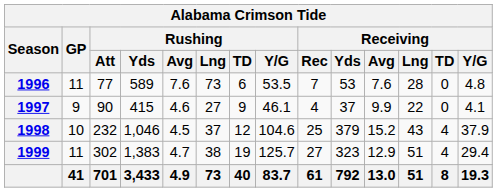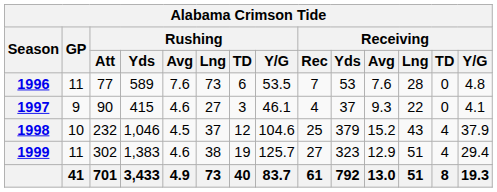 <table class="wikitable" style="text-align:center;">
 <tr>
 <th colspan="15">Alabama Crimson Tide</th>
 </tr>
 <tr>
 <th rowspan="2">Season</th>
 <th rowspan="2">GP</th>
 <th colspan="6">Rushing</th>
 <th colspan="6">Receiving</th>
 </tr>
 <tr>
 <th>Att</th>
 <th>Yds</th>
 <th>Avg</th>
 <th>Lng</th>
 <th>TD</th>
 <th>Y/G</th>
 <th>Rec</th>
 <th>Yds</th>
 <th>Avg</th>
 <th>Lng</th>
 <th>TD</th>
 <th>Y/G</th>
 </tr>
 <tr>
 <th><a href='#'>1996</a></th>
 <td>11</td>
 <td>77</td>
 <td>589</td>
 <td>7.6</td>
 <td>73</td>
 <td>6</td>
 <td>53.5</td>
 <td>7</td>
 <td>53</td>
 <td>7.6</td>
 <td>28</td>
 <td>0</td>
 <td>4.8</td>
 </tr>
 <tr>
 <th><a href='#'>1997</a></th>
 <td>9</td>
 <td>90</td>
 <td>415</td>
 <td>4.6</td>
 <td>27</td>
-<td>9</td>
+<td>3</td>
 <td>46.1</td>
 <td>4</td>
 <td>37</td>
-<td>9.9</td>
+<td>9.3</td>
 <td>22</td>
 <td>0</td>
 <td>4.1</td>
 </tr>
 <tr>
 <th><a href='#'>1998</a></th>
 <td>10</td>
 <td>232</td>
 <td>1,046</td>
 <td>4.5</td>
 <td>37</td>
 <td>12</td>
 <td>104.6</td>
 <td>25</td>
 <td>379</td>
 <td>15.2</td>
 <td>43</td>
 <td>4</td>
 <td>37.9</td>
 </tr>
 <tr>
 <th><a href='#'>1999</a></th>
 <td>11</td>
 <td>302</td>
 <td>1,383</td>
-<td>4.7</td>
+<td>4.6</td>
 <td>38</td>
 <td>19</td>
 <td>125.7</td>
 <td>27</td>
 <td>323</td>
 <td>12.9</td>
 <td>51</td>
 <td>4</td>
 <td>29.4</td>
 </tr>
 <tr>
 <th></th>
 <th>41</th>
 <th>701</th>
 <th>3,433</th>
 <th>4.9</th>
 <th>73</th>
 <th>40</th>
 <th>83.7</th>
 <th>61</th>
 <th>792</th>
 <th>13.0</th>
 <th>51</th>
 <th>8</th>
 <th>19.3</th>
 </tr>
 </table>
